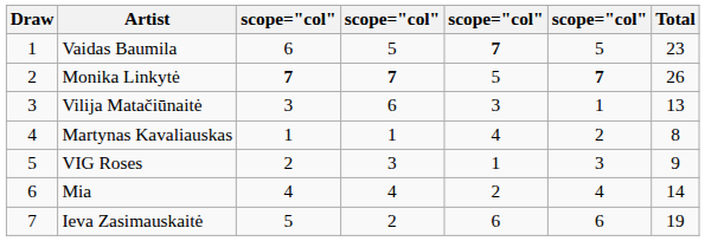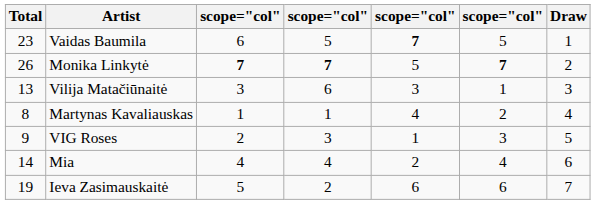 <table class="wikitable collapsible" style="margin: 1em auto 1em auto; text-align:center;">
 <tr>
-<th>Draw</th>
+<th>Total</th>
 <th>Artist</th>
 <th>scope="col" </th>
 <th>scope="col" </th>
 <th>scope="col" </th>
 <th>scope="col" </th>
-<th>Total</th>
+<th>Draw</th>
 </tr>
 <tr>
-<td>1</td>
+<td>23</td>
 <td align="left">Vaidas Baumila</td>
 <td>6</td>
 <td>5</td>
 <td><strong>7</strong></td>
 <td>5</td>
-<td>23</td>
+<td>1</td>
 </tr>
 <tr>
-<td>2</td>
+<td>26</td>
 <td align="left">Monika Linkytė</td>
 <td><strong>7</strong></td>
 <td><strong>7</strong></td>
 <td>5</td>
 <td><strong>7</strong></td>
-<td>26</td>
+<td>2</td>
 </tr>
 <tr>
-<td>3</td>
+<td>13</td>
 <td align="left">Vilija Matačiūnaitė</td>
 <td>3</td>
 <td>6</td>
 <td>3</td>
 <td>1</td>
-<td>13</td>
+<td>3</td>
 </tr>
 <tr>
-<td>4</td>
+<td>8</td>
 <td align="left">Martynas Kavaliauskas</td>
 <td>1</td>
 <td>1</td>
 <td>4</td>
 <td>2</td>
-<td>8</td>
+<td>4</td>
 </tr>
 <tr>
-<td>5</td>
+<td>9</td>
 <td align="left">VIG Roses</td>
 <td>2</td>
 <td>3</td>
 <td>1</td>
 <td>3</td>
-<td>9</td>
+<td>5</td>
 </tr>
 <tr>
-<td>6</td>
+<td>14</td>
 <td align="left">Mia</td>
 <td>4</td>
 <td>4</td>
 <td>2</td>
 <td>4</td>
-<td>14</td>
+<td>6</td>
 </tr>
 <tr>
-<td>7</td>
+<td>19</td>
 <td align="left">Ieva Zasimauskaitė</td>
 <td>5</td>
 <td>2</td>
 <td>6</td>
 <td>6</td>
-<td>19</td>
+<td>7</td>
 </tr>
 </table>
